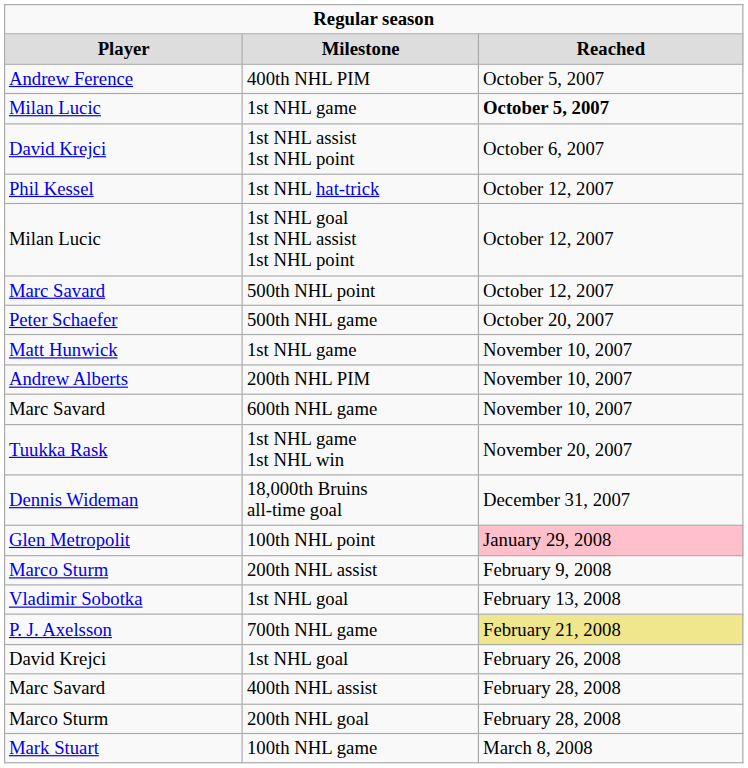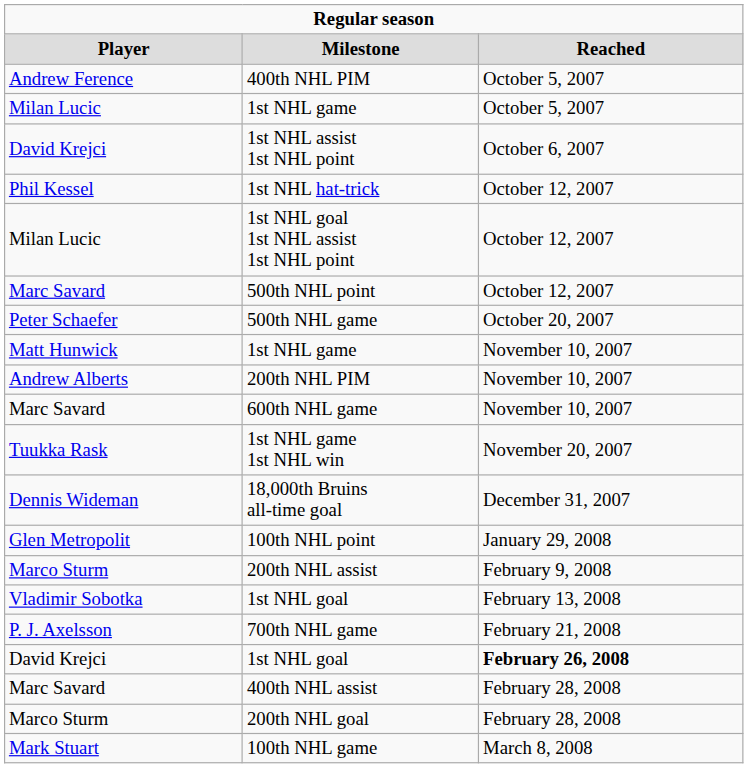 <table class="wikitable" width="50%">
 <tr>
 <td colspan="10" align="center"><strong>Regular season</strong></td>
 </tr>
 <tr align="center"  bgcolor="#dddddd">
 <td><strong>Player</strong></td>
 <td><strong>Milestone</strong></td>
 <td><strong>Reached</strong></td>
 </tr>
 <tr>
 <td><a href='#'>Andrew Ference</a></td>
 <td>400th NHL PIM</td>
 <td>October 5, 2007</td>
 </tr>
 <tr>
 <td><a href='#'>Milan Lucic</a></td>
 <td>1st NHL game</td>
-<td><strong>October 5, 2007</strong></td>
+<td>October 5, 2007</td>
 </tr>
 <tr>
 <td><a href='#'>David Krejci</a></td>
 <td>1st NHL assist<br>1st NHL point</td>
 <td>October 6, 2007</td>
 </tr>
 <tr>
 <td><a href='#'>Phil Kessel</a></td>
 <td>1st NHL <a href='#'>hat-trick</a></td>
 <td>October 12, 2007</td>
 </tr>
 <tr>
 <td>Milan Lucic</td>
 <td>1st NHL goal<br>1st NHL assist<br>1st NHL point</td>
 <td>October 12, 2007</td>
 </tr>
 <tr>
 <td><a href='#'>Marc Savard</a></td>
 <td>500th NHL point</td>
 <td>October 12, 2007</td>
 </tr>
 <tr>
 <td><a href='#'>Peter Schaefer</a></td>
 <td>500th NHL game</td>
 <td>October 20, 2007</td>
 </tr>
 <tr>
 <td><a href='#'>Matt Hunwick</a></td>
 <td>1st NHL game</td>
 <td>November 10, 2007</td>
 </tr>
 <tr>
 <td><a href='#'>Andrew Alberts</a></td>
 <td>200th NHL PIM</td>
 <td>November 10, 2007</td>
 </tr>
 <tr>
 <td>Marc Savard</td>
 <td>600th NHL game</td>
 <td>November 10, 2007</td>
 </tr>
 <tr>
 <td><a href='#'>Tuukka Rask</a></td>
 <td>1st NHL game<br>1st NHL win</td>
 <td>November 20, 2007</td>
 </tr>
 <tr>
 <td><a href='#'>Dennis Wideman</a></td>
 <td>18,000th Bruins<br>all-time goal</td>
 <td>December 31, 2007</td>
 </tr>
 <tr>
 <td><a href='#'>Glen Metropolit</a></td>
 <td>100th NHL point</td>
-<td style="background: pink;">January 29, 2008</td>
+<td>January 29, 2008</td>
 </tr>
 <tr>
 <td><a href='#'>Marco Sturm</a></td>
 <td>200th NHL assist</td>
 <td>February 9, 2008</td>
 </tr>
 <tr>
 <td><a href='#'>Vladimir Sobotka</a></td>
 <td>1st NHL goal</td>
 <td>February 13, 2008</td>
 </tr>
 <tr>
 <td><a href='#'>P. J. Axelsson</a></td>
 <td>700th NHL game</td>
-<td style="background: khaki;">February 21, 2008</td>
+<td>February 21, 2008</td>
 </tr>
 <tr>
 <td>David Krejci</td>
 <td>1st NHL goal</td>
-<td>February 26, 2008</td>
+<td><strong>February 26, 2008</strong></td>
 </tr>
 <tr>
 <td>Marc Savard</td>
 <td>400th NHL assist</td>
 <td>February 28, 2008</td>
 </tr>
 <tr>
 <td>Marco Sturm</td>
 <td>200th NHL goal</td>
 <td>February 28, 2008</td>
 </tr>
 <tr>
 <td><a href='#'>Mark Stuart</a></td>
 <td>100th NHL game</td>
 <td>March 8, 2008</td>
 </tr>
 </table>
